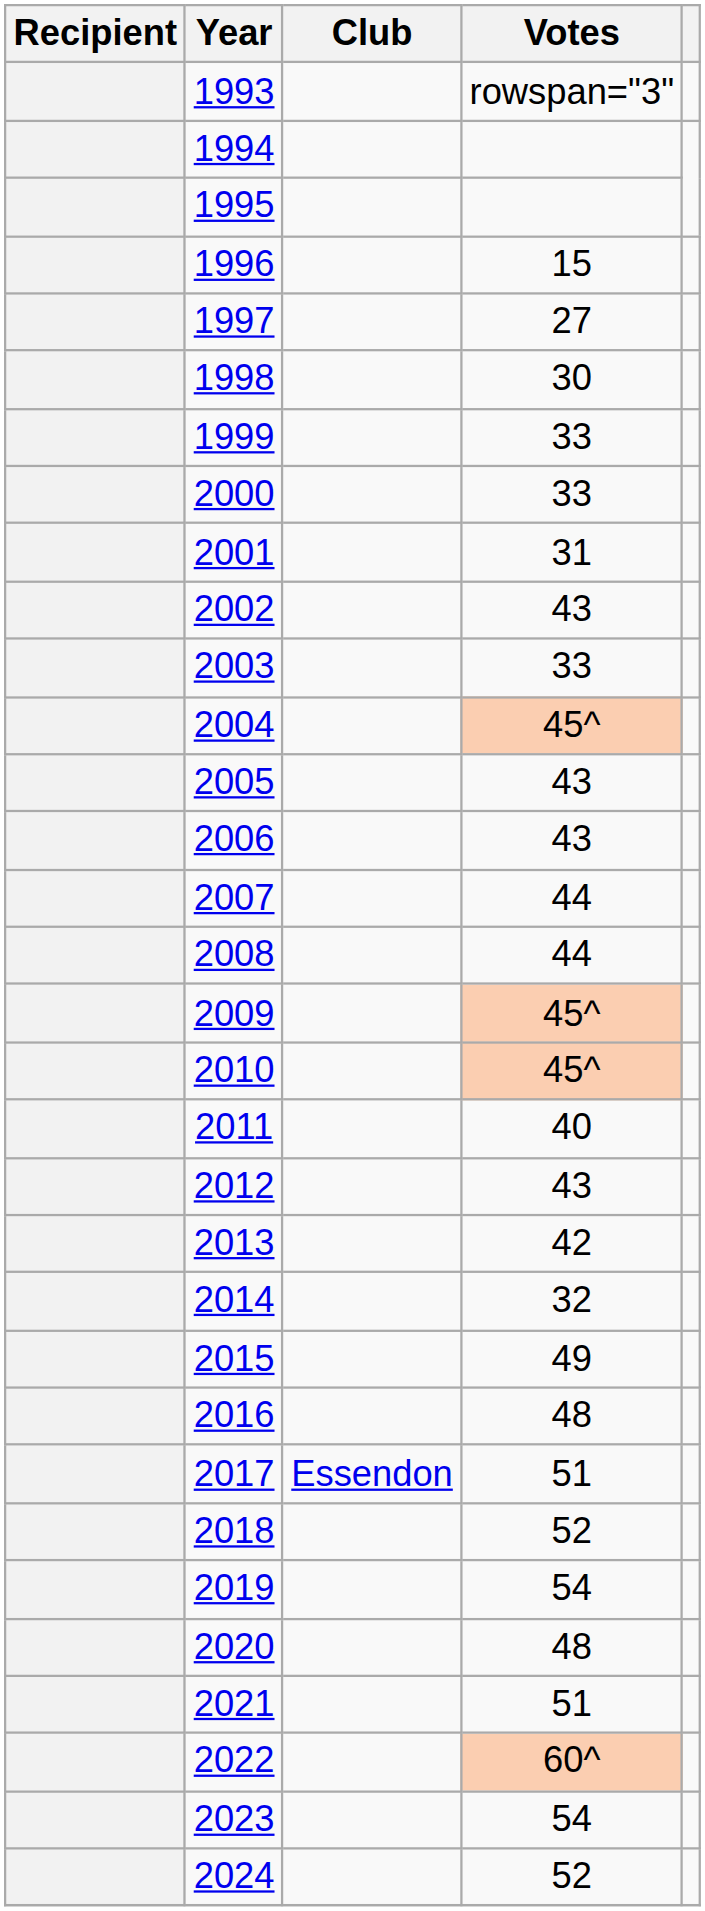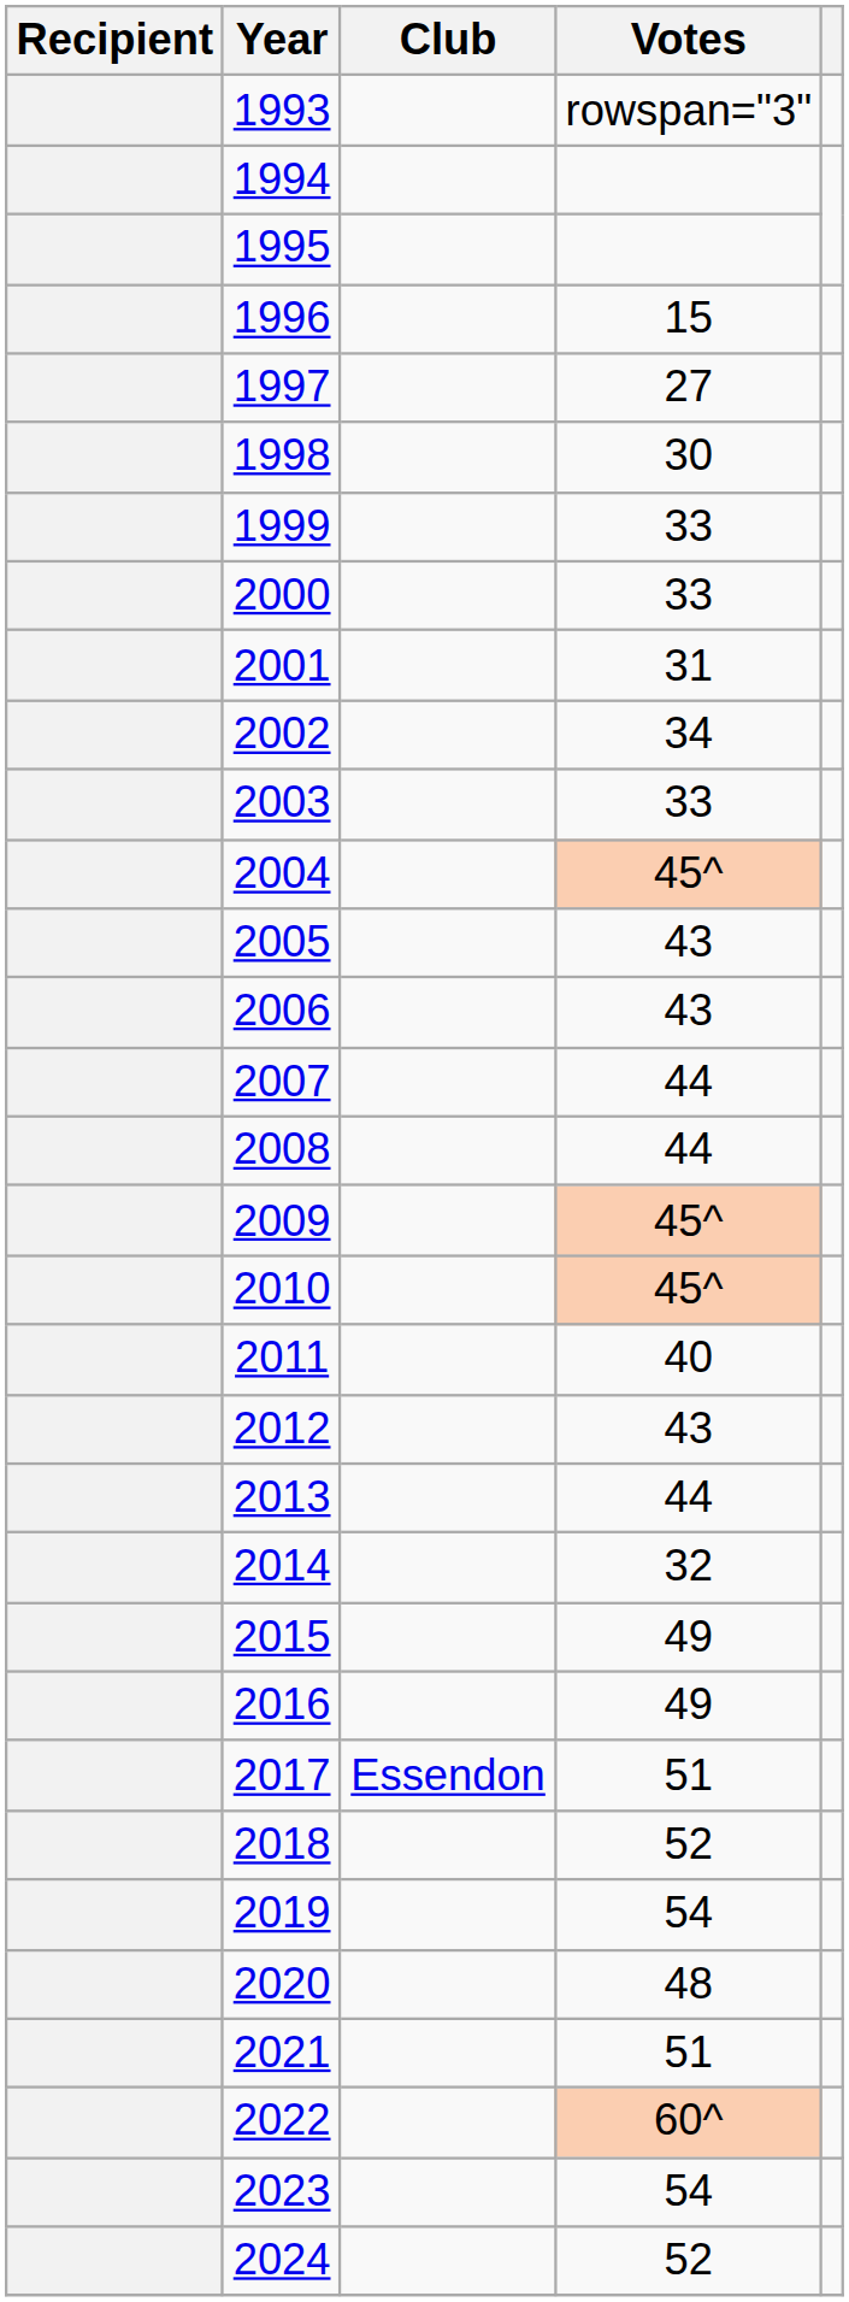 <table class="wikitable sortable plainrowheaders" style="text-align:center;">
 <tr>
 <th scope="col">Recipient</th>
 <th scope="col">Year</th>
 <th scope="col">Club</th>
 <th scope="col">Votes</th>
 <th scope="col" class="unsortable"></th>
 </tr>
 <tr>
 <th scope="row"></th>
 <td><a href='#'>1993</a></td>
 <td></td>
 <td>rowspan="3" </td>
 <td></td>
 </tr>
 <tr>
 <th scope="row"></th>
 <td><a href='#'>1994</a></td>
 <td></td>
 <td></td>
 </tr>
 <tr>
 <th scope="row"></th>
 <td><a href='#'>1995</a></td>
 <td></td>
 <td></td>
 </tr>
 <tr>
 <th scope="row"></th>
 <td><a href='#'>1996</a></td>
 <td></td>
 <td>15</td>
 <td></td>
 </tr>
 <tr>
 <th scope="row"></th>
 <td><a href='#'>1997</a></td>
 <td></td>
 <td>27</td>
 <td></td>
 </tr>
 <tr>
 <th scope="row"></th>
 <td><a href='#'>1998</a></td>
 <td></td>
 <td>30</td>
 <td></td>
 </tr>
 <tr>
 <th scope="row"></th>
 <td><a href='#'>1999</a></td>
 <td></td>
 <td>33</td>
 <td></td>
 </tr>
 <tr>
 <th scope="row"></th>
 <td><a href='#'>2000</a></td>
 <td></td>
 <td>33</td>
 <td></td>
 </tr>
 <tr>
 <th scope="row"></th>
 <td><a href='#'>2001</a></td>
 <td></td>
 <td>31</td>
 <td></td>
 </tr>
 <tr>
 <th scope="row"></th>
 <td><a href='#'>2002</a></td>
 <td></td>
-<td>43</td>
+<td>34</td>
 <td></td>
 </tr>
 <tr>
 <th scope="row"></th>
 <td><a href='#'>2003</a></td>
 <td></td>
 <td>33</td>
 <td></td>
 </tr>
 <tr>
 <th scope="row"></th>
 <td><a href='#'>2004</a></td>
 <td></td>
 <td style="background:#FBCEB1;">45^</td>
 <td></td>
 </tr>
 <tr>
 <th scope="row"></th>
 <td><a href='#'>2005</a></td>
 <td></td>
 <td>43</td>
 <td></td>
 </tr>
 <tr>
 <th scope="row"></th>
 <td><a href='#'>2006</a></td>
 <td></td>
 <td>43</td>
 <td></td>
 </tr>
 <tr>
 <th scope="row"></th>
 <td><a href='#'>2007</a></td>
 <td></td>
 <td>44</td>
 <td></td>
 </tr>
 <tr>
 <th scope="row"></th>
 <td><a href='#'>2008</a></td>
 <td></td>
 <td>44</td>
 <td></td>
 </tr>
 <tr>
 <th scope=row></th>
 <td><a href='#'>2009</a></td>
 <td></td>
 <td style="background:#FBCEB1;">45^</td>
 <td></td>
 </tr>
 <tr>
 <th scope="row"></th>
 <td><a href='#'>2010</a></td>
 <td></td>
 <td style="background:#FBCEB1;">45^</td>
 <td></td>
 </tr>
 <tr>
 <th scope="row"></th>
 <td><a href='#'>2011</a></td>
 <td></td>
 <td>40</td>
 <td></td>
 </tr>
 <tr>
 <th scope="row"></th>
 <td><a href='#'>2012</a></td>
 <td></td>
 <td>43</td>
 <td></td>
 </tr>
 <tr>
 <th scope="row"></th>
 <td><a href='#'>2013</a></td>
 <td></td>
-<td>42</td>
+<td>44</td>
 <td></td>
 </tr>
 <tr>
 <th scope="row"></th>
 <td><a href='#'>2014</a></td>
 <td></td>
 <td>32</td>
 <td></td>
 </tr>
 <tr>
 <th scope="row"></th>
 <td><a href='#'>2015</a></td>
 <td></td>
 <td>49</td>
 <td></td>
 </tr>
 <tr>
 <th scope="row"></th>
 <td><a href='#'>2016</a></td>
 <td></td>
-<td>48</td>
+<td>49</td>
 <td></td>
 </tr>
 <tr>
 <th scope="row"></th>
 <td><a href='#'>2017</a></td>
 <td><a href='#'>Essendon</a></td>
 <td>51</td>
 <td></td>
 </tr>
 <tr>
 <th scope="row"></th>
 <td><a href='#'>2018</a></td>
 <td></td>
 <td>52</td>
 <td></td>
 </tr>
 <tr>
 <th scope="row"></th>
 <td><a href='#'>2019</a></td>
 <td></td>
 <td>54</td>
 <td></td>
 </tr>
 <tr>
 <th scope="row"></th>
 <td><a href='#'>2020</a></td>
 <td></td>
 <td>48</td>
 <td></td>
 </tr>
 <tr>
 <th scope="row"></th>
 <td><a href='#'>2021</a></td>
 <td></td>
 <td>51</td>
 <td></td>
 </tr>
 <tr>
 <th scope="row"></th>
 <td><a href='#'>2022</a></td>
 <td></td>
 <td style="background:#FBCEB1;">60^</td>
 <td></td>
 </tr>
 <tr>
 <th scope="row"></th>
 <td><a href='#'>2023</a></td>
 <td></td>
 <td>54</td>
 <td></td>
 </tr>
 <tr>
 <th scope="row"></th>
 <td><a href='#'>2024</a></td>
 <td></td>
 <td>52</td>
 <td></td>
 </tr>
 <tr>
 </tr>
 </table>
